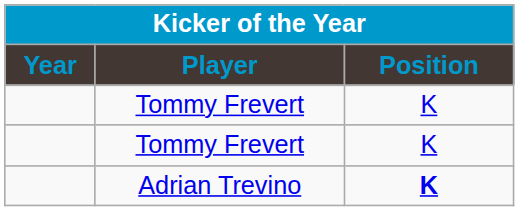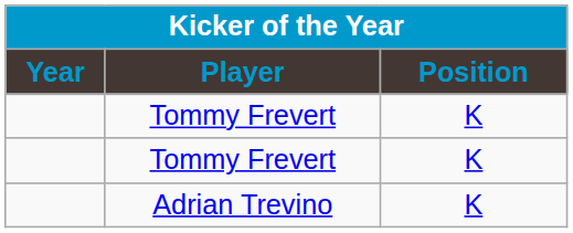 <table class="wikitable sortable" style="text-align:center">
 <tr>
 <td colspan="4" style="background:#09C; color:#fff;"><strong>Kicker of the Year</strong></td>
 </tr>
 <tr>
 <th style="width:50px; background:#423732; color:#09C;">Year</th>
 <th style="width:150px; background:#423732; color:#09C;">Player</th>
 <th style="width:100px; background:#423732; color:#09C;">Position</th>
 </tr>
 <tr>
 <td></td>
 <td><a href='#'>Tommy Frevert</a></td>
 <td><a href='#'>K</a></td>
 </tr>
 <tr>
 <td></td>
 <td><a href='#'>Tommy Frevert</a></td>
 <td><a href='#'>K</a></td>
 </tr>
 <tr>
 <td></td>
 <td><a href='#'>Adrian Trevino</a></td>
-<td><strong><a href='#'>K</a></strong></td>
+<td><a href='#'>K</a></td>
 </tr>
 </table>
